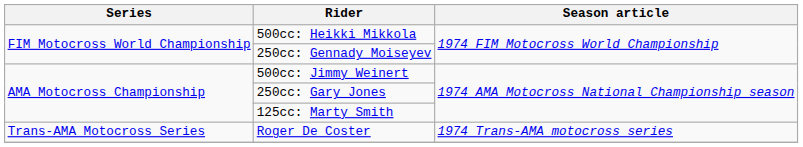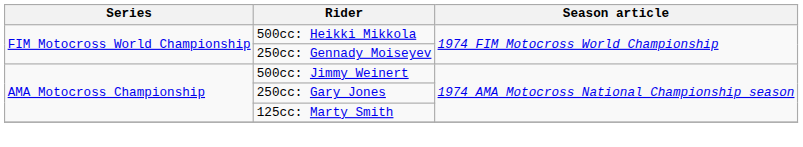 <table class="wikitable" style="font-size: 87%;">
 <tr>
 <th>Series</th>
 <th>Rider</th>
 <th>Season article</th>
 </tr>
 <tr>
 <td rowspan=2><a href='#'>FIM Motocross World Championship</a></td>
 <td>500cc:  <a href='#'>Heikki Mikkola</a></td>
 <td rowspan=2><em><a href='#'>1974 FIM Motocross World Championship</a></em></td>
 </tr>
 <tr>
 <td>250cc:  <a href='#'>Gennady Moiseyev</a></td>
 </tr>
 <tr>
 <td rowspan=3><a href='#'>AMA Motocross Championship</a></td>
 <td>500cc:  <a href='#'>Jimmy Weinert</a></td>
 <td rowspan=3><em><a href='#'>1974 AMA Motocross National Championship season</a></em></td>
 </tr>
 <tr>
 <td>250cc:  <a href='#'>Gary Jones</a></td>
 </tr>
 <tr>
 <td>125cc:  <a href='#'>Marty Smith</a></td>
 </tr>
 <tr>
-<td><a href='#'>Trans-AMA Motocross Series</a></td>
-<td> <a href='#'>Roger De Coster</a></td>
-<td><em><a href='#'>1974 Trans-AMA motocross series</a></em></td>
-</tr>
-<tr>
 </tr>
 </table>
